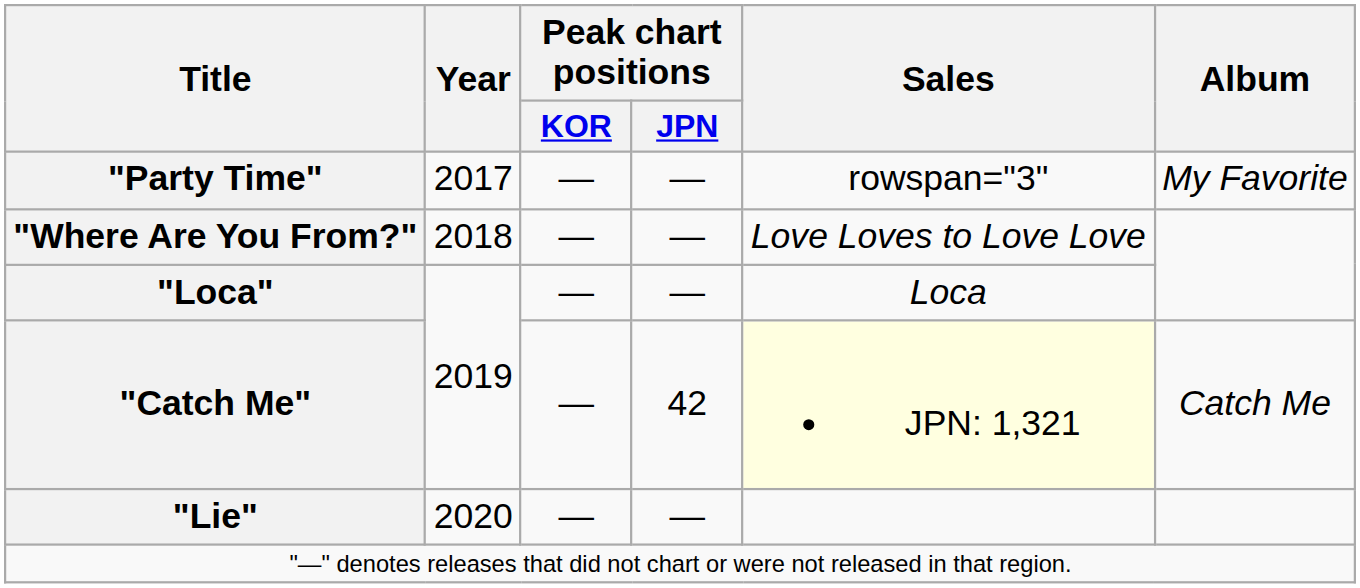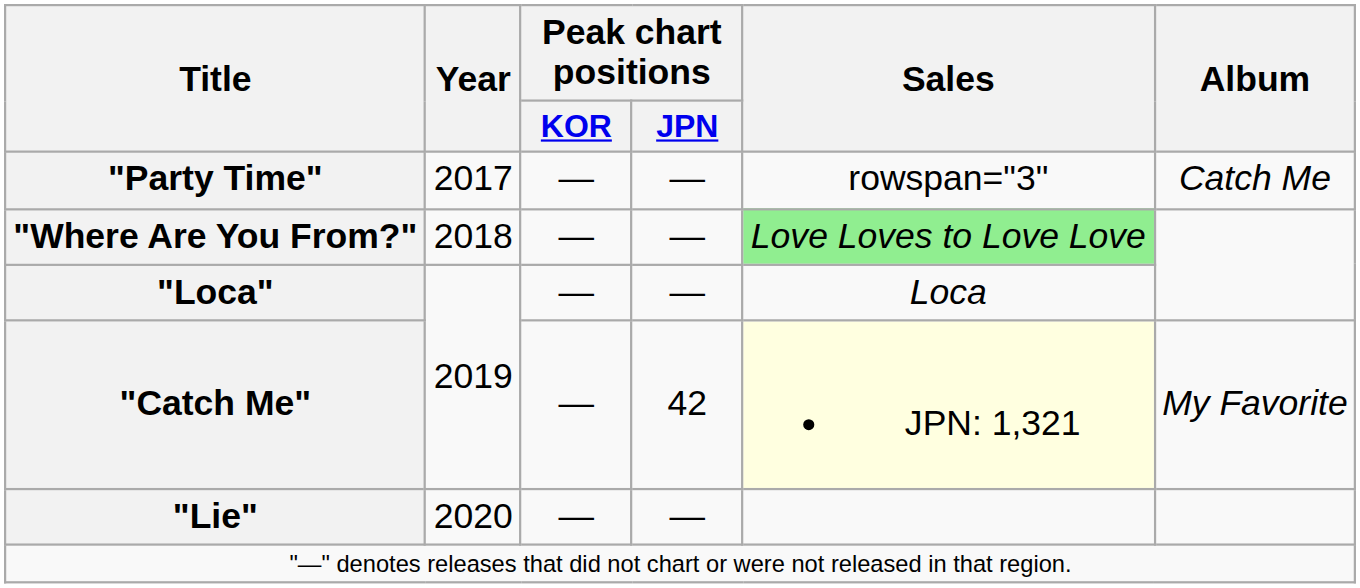 <table class="wikitable plainrowheaders" style="text-align:center;">
 <tr>
 <th scope="col" rowspan="2">Title</th>
 <th scope="col" rowspan="2">Year</th>
 <th scope="col" colspan="2">Peak chart <br> positions</th>
 <th scope="col" rowspan="2">Sales</th>
 <th scope="col" rowspan="2">Album</th>
 </tr>
 <tr>
 <th scope="col" style="width:3em;font-size:90%;"><a href='#'>KOR</a><br></th>
 <th scope="col" style="width:3em;font-size:90%;"><a href='#'>JPN</a><br></th>
 </tr>
 <tr>
 <th scope="row">"Party Time"</th>
 <td>2017</td>
 <td>—</td>
 <td>—</td>
 <td>rowspan="3" </td>
-<td><em>My Favorite</em></td>
+<td><em>Catch Me</em></td>
 </tr>
 <tr>
 <th scope="row">"Where Are You From?" </th>
 <td>2018</td>
 <td>—</td>
 <td>—</td>
-<td><em>Love Loves to Love Love</em></td>
+<td style="background: lightgreen;"><em>Love Loves to Love Love</em></td>
 </tr>
 <tr>
 <th scope="row">"Loca"</th>
 <td rowspan="2">2019</td>
 <td>—</td>
 <td>—</td>
 <td><em>Loca</em></td>
 </tr>
 <tr>
 <th scope="row">"Catch Me"</th>
 <td>—</td>
 <td>42</td>
 <td style="background: lightyellow;"><br><ul><li>JPN: 1,321 </li></ul></td>
-<td><em>Catch Me</em></td>
+<td><em>My Favorite</em></td>
 </tr>
 <tr>
 <th scope="row">"Lie" </th>
 <td>2020</td>
 <td>—</td>
 <td>—</td>
 <td></td>
 <td></td>
 </tr>
 <tr>
 <td colspan="6" style="font-size:8pt">"—" denotes releases that did not chart or were not released in that region.</td>
 </tr>
 </table>
